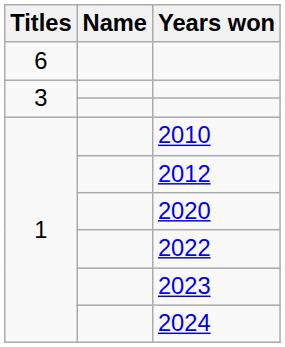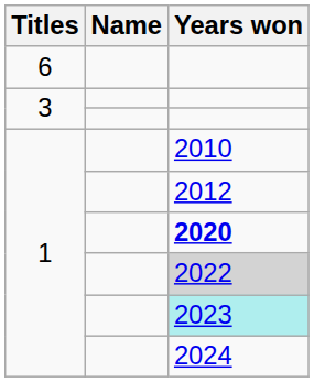 <table class="wikitable style="font-size:100%; text-align: left; width:70%">
 <tr>
 <th>Titles</th>
 <th>Name</th>
 <th>Years won</th>
 </tr>
 <tr>
 <td align=center>6</td>
 <td></td>
 <td></td>
 </tr>
 <tr>
 <td align=center rowspan=2>3</td>
 <td></td>
 <td></td>
 </tr>
 <tr>
 <td></td>
 <td></td>
 </tr>
 <tr>
 <td rowspan=6 align=center>1</td>
 <td></td>
 <td><a href='#'>2010</a></td>
 </tr>
 <tr>
 <td></td>
 <td><a href='#'>2012</a></td>
 </tr>
 <tr>
 <td></td>
-<td><a href='#'>2020</a></td>
+<td><strong><a href='#'>2020</a></strong></td>
 </tr>
 <tr>
 <td></td>
-<td><a href='#'>2022</a></td>
+<td style="background: lightgrey;"><a href='#'>2022</a></td>
 </tr>
 <tr>
 <td></td>
-<td><a href='#'>2023</a></td>
+<td style="background: paleturquoise;"><a href='#'>2023</a></td>
 </tr>
 <tr>
 <td></td>
 <td><a href='#'>2024</a></td>
 </tr>
 </table>
